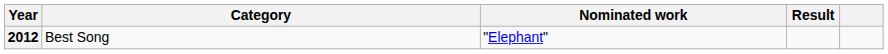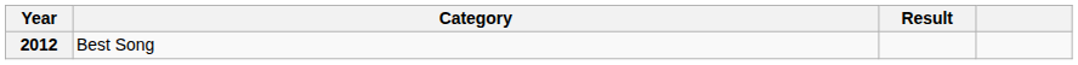 <table class="wikitable plainrowheaders" style="width:80%;">
 <tr>
 <th scope="col" style="width:4%;">Year</th>
 <th scope="col" style="width:50%;">Category</th>
-<th scope="col" style="width:35%;">Nominated work</th>
 <th scope="col" style="width:6%;">Result</th>
 <th scope="col" style="width:6%;"></th>
 </tr>
 <tr>
 <th scope="row">2012</th>
 <td>Best Song</td>
-<td>"<a href='#'>Elephant</a>"</td>
 <td></td>
 <td></td>
 </tr>
 </table>
